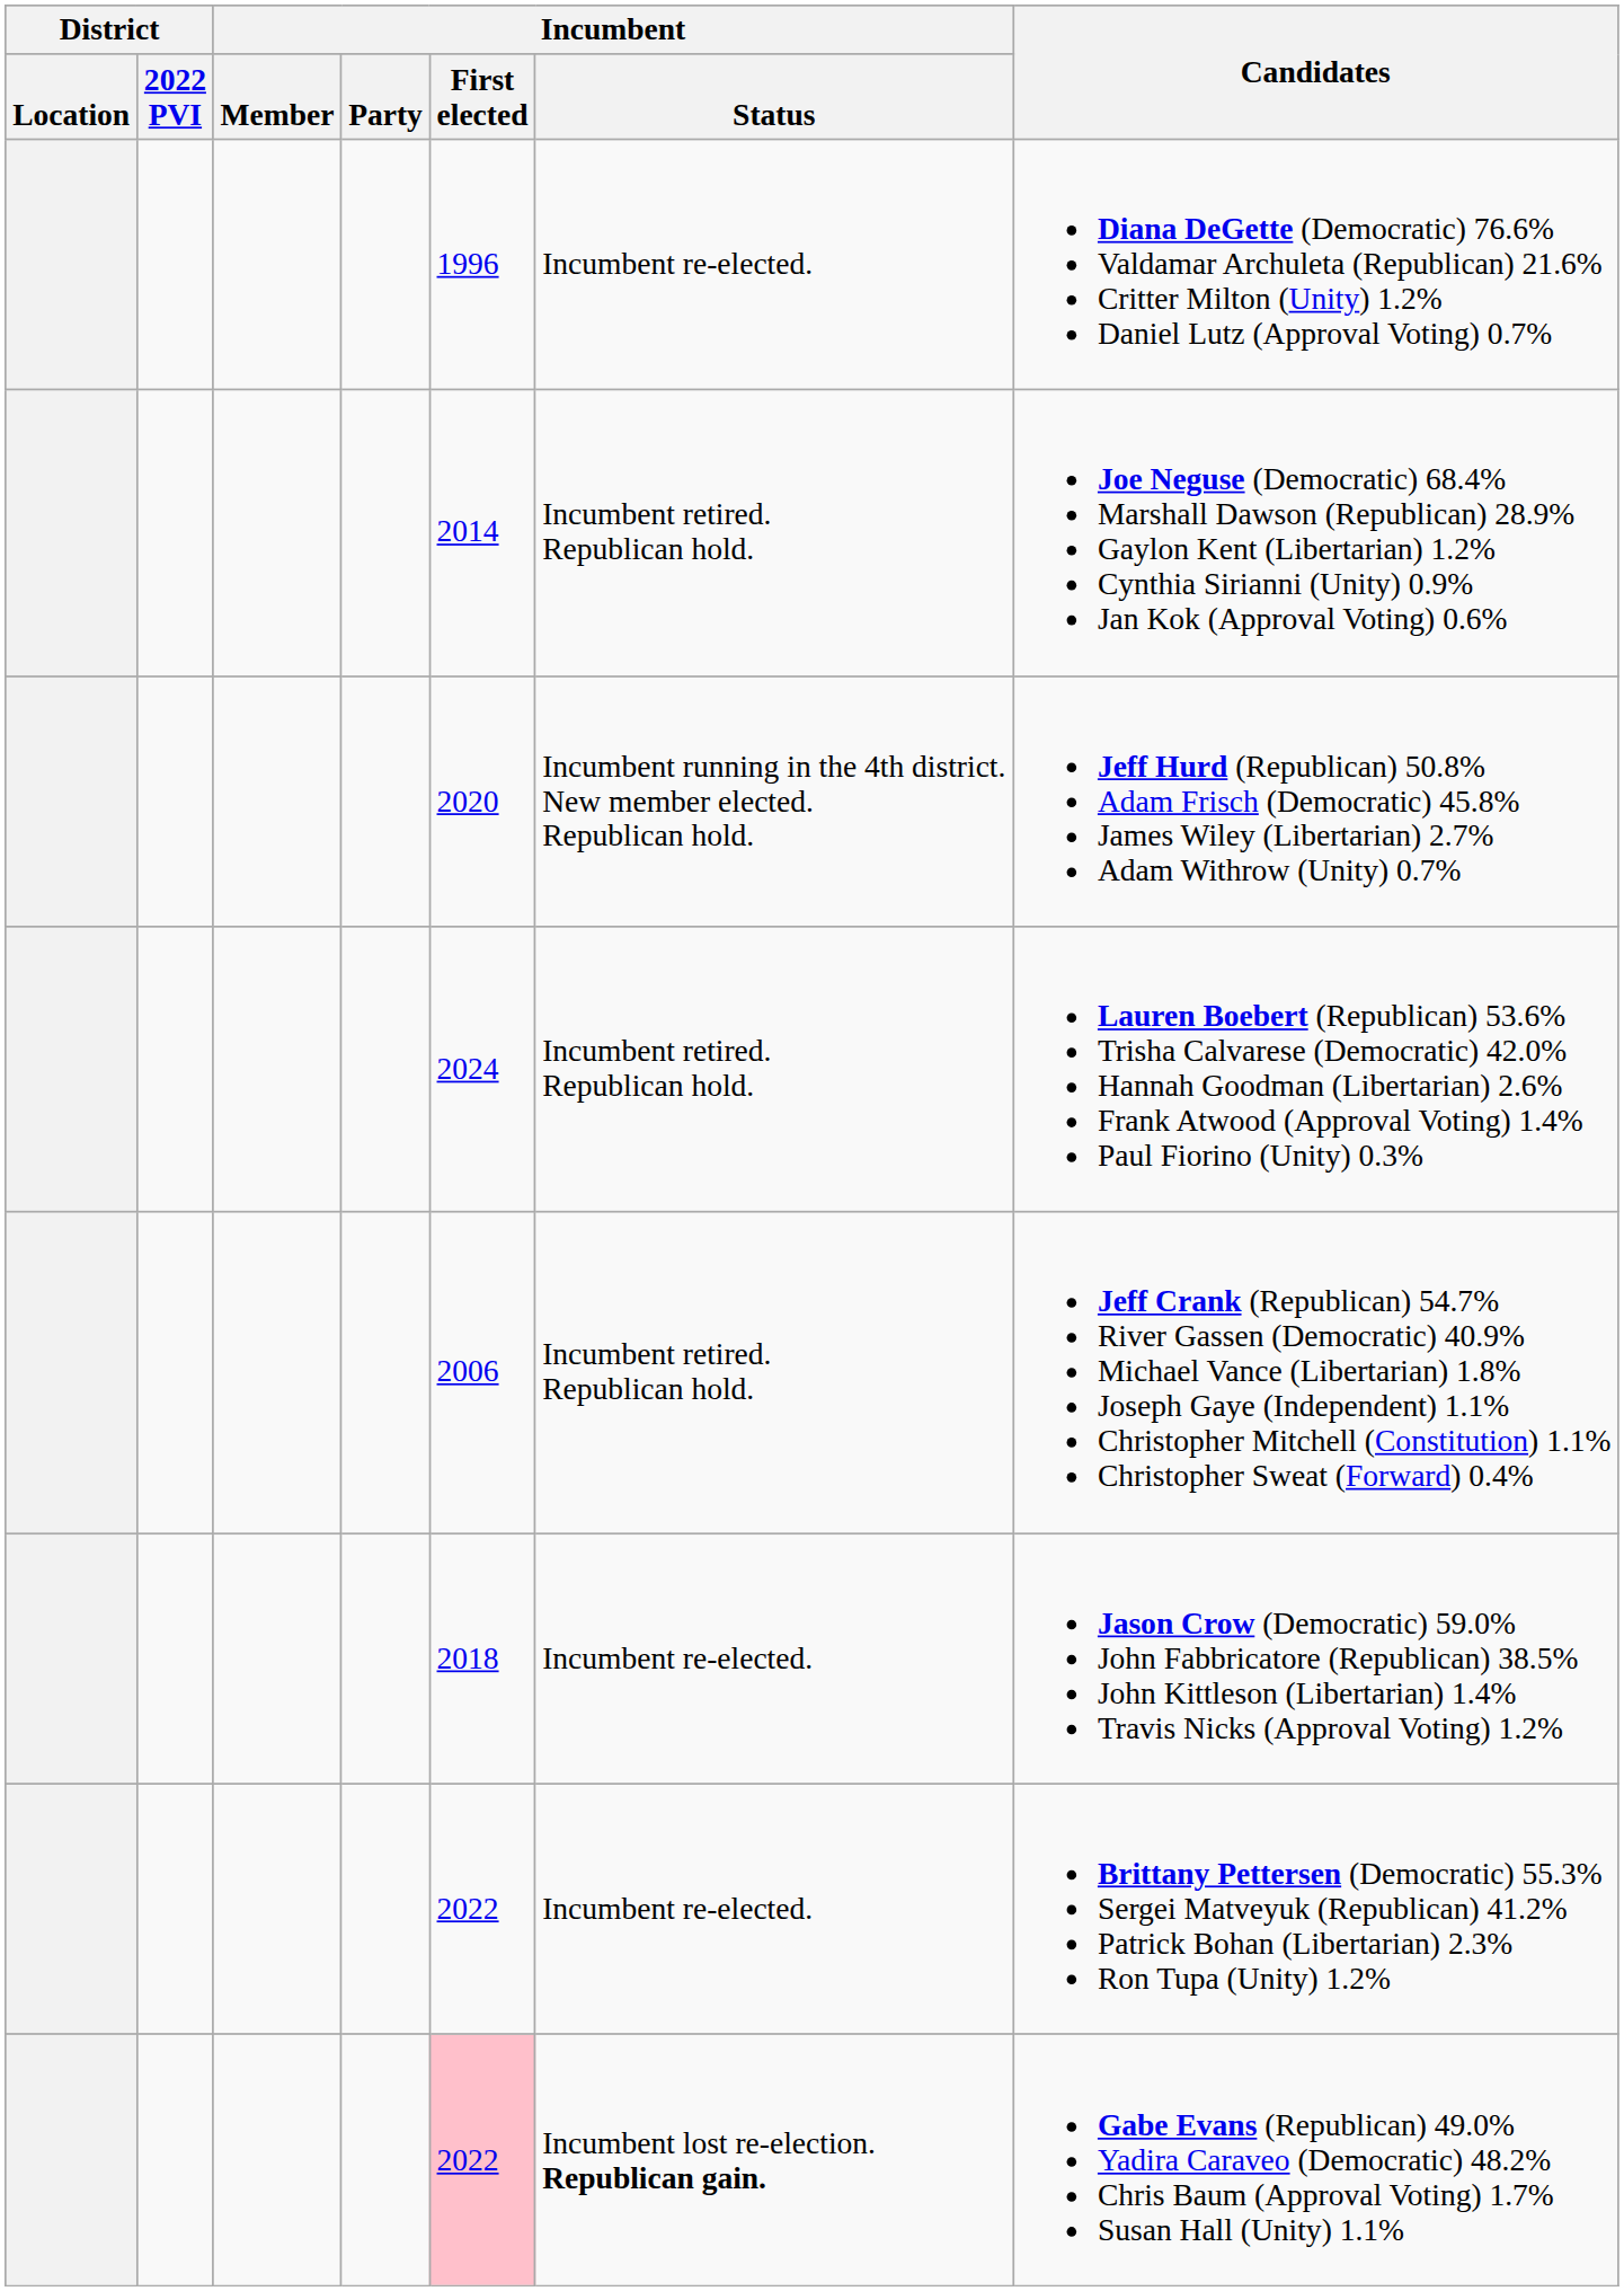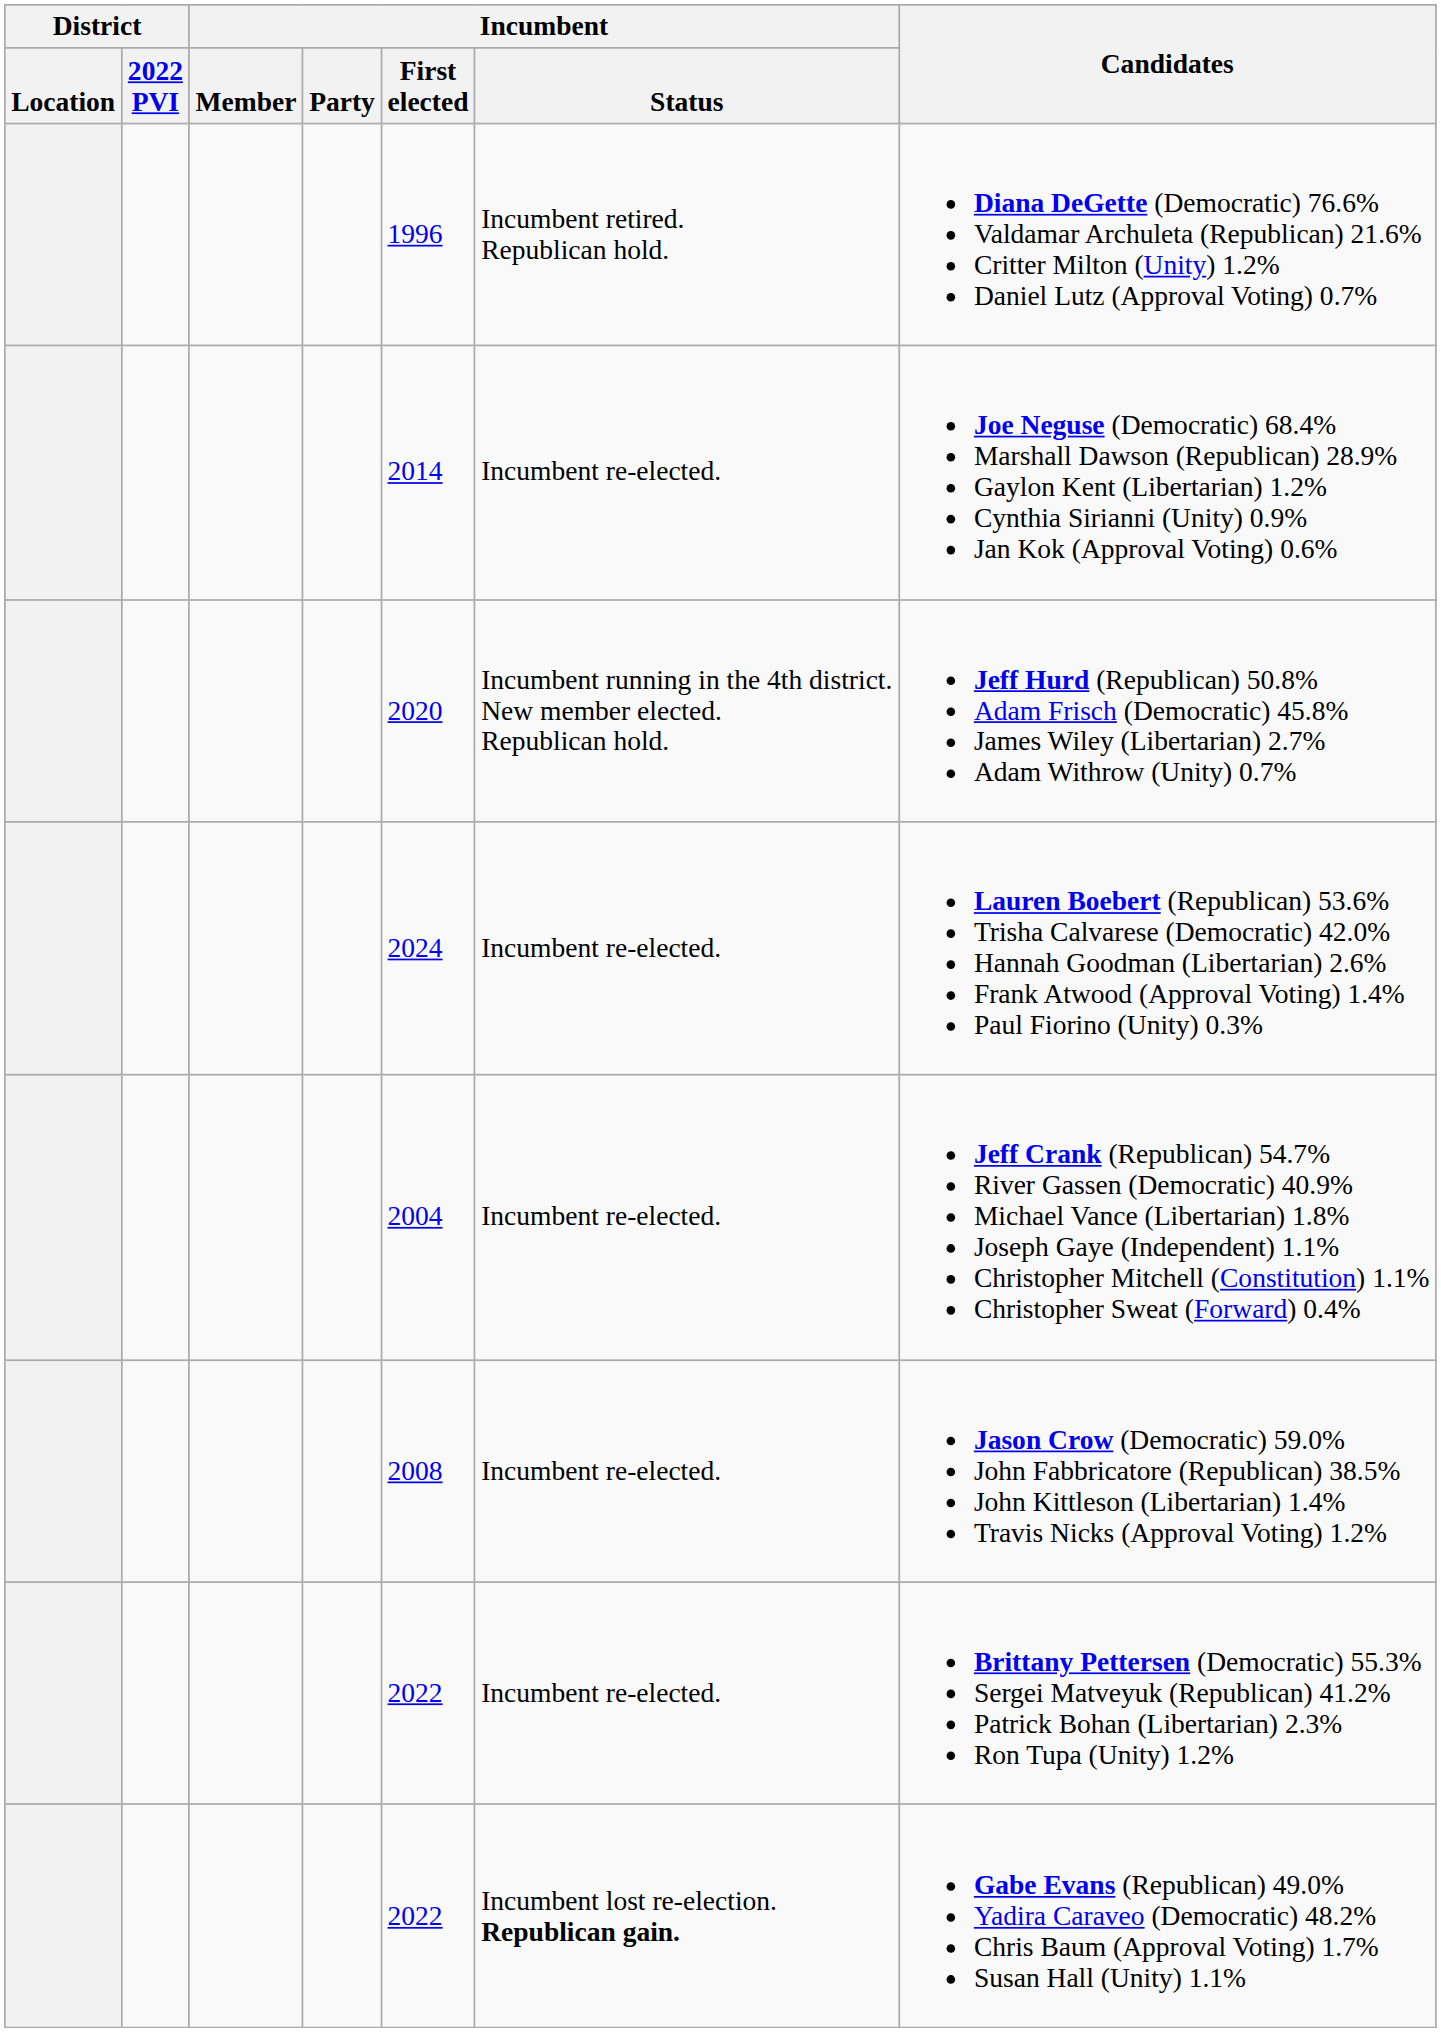 <table class="wikitable sortable">
 <tr>
 <th colspan=2>District</th>
 <th colspan=4>Incumbent</th>
 <th rowspan=2 class="unsortable">Candidates</th>
 </tr>
 <tr valign=bottom>
 <th>Location</th>
 <th><a href='#'>2022<br>PVI</a></th>
 <th>Member</th>
 <th>Party</th>
 <th>First<br>elected</th>
 <th>Status</th>
 </tr>
 <tr>
 <th></th>
 <td></td>
 <td></td>
 <td></td>
 <td><a href='#'>1996</a></td>
-<td>Incumbent re-elected.</td>
+<td>Incumbent retired.<br>Republican hold.</td>
 <td nowrap><br><ul><li> <strong><a href='#'>Diana DeGette</a></strong> (Democratic) 76.6%</li><li>Valdamar Archuleta (Republican) 21.6%</li><li>Critter Milton (<a href='#'>Unity</a>) 1.2%</li><li>Daniel Lutz (Approval Voting) 0.7%</li></ul></td>
 </tr>
 <tr>
 <th></th>
 <td></td>
 <td></td>
 <td></td>
 <td><a href='#'>2014</a></td>
-<td>Incumbent retired.<br>Republican hold.</td>
+<td>Incumbent re-elected.</td>
 <td nowrap><br><ul><li> <strong><a href='#'>Joe Neguse</a></strong> (Democratic) 68.4%</li><li>Marshall Dawson (Republican) 28.9%</li><li>Gaylon Kent (Libertarian) 1.2%</li><li>Cynthia Sirianni (Unity) 0.9%</li><li>Jan Kok (Approval Voting) 0.6%</li></ul></td>
 </tr>
 <tr>
 <th></th>
 <td></td>
 <td></td>
 <td></td>
 <td><a href='#'>2020</a></td>
 <td>Incumbent running in the 4th district.<br>New member elected.<br>Republican hold.</td>
 <td nowrap><br><ul><li> <strong><a href='#'>Jeff Hurd</a></strong> (Republican) 50.8%</li><li><a href='#'>Adam Frisch</a> (Democratic) 45.8%</li><li>James Wiley (Libertarian) 2.7%</li><li>Adam Withrow (Unity) 0.7%</li></ul></td>
 </tr>
 <tr>
 <th></th>
 <td></td>
 <td></td>
 <td></td>
 <td><a href='#'>2024 </a></td>
-<td>Incumbent retired.<br>Republican hold.</td>
+<td>Incumbent re-elected.</td>
 <td nowrap><br><ul><li> <strong><a href='#'>Lauren Boebert</a></strong> (Republican) 53.6%</li><li>Trisha Calvarese (Democratic) 42.0%</li><li>Hannah Goodman (Libertarian) 2.6%</li><li>Frank Atwood (Approval Voting) 1.4%</li><li>Paul Fiorino (Unity) 0.3%</li></ul></td>
 </tr>
 <tr>
 <th></th>
 <td></td>
 <td></td>
 <td></td>
-<td><a href='#'>2006</a></td>
-<td>Incumbent retired.<br>Republican hold.</td>
+<td><a href='#'>2004</a></td>
+<td>Incumbent re-elected.</td>
 <td nowrap><br><ul><li> <strong><a href='#'>Jeff Crank</a></strong> (Republican) 54.7%</li><li>River Gassen (Democratic) 40.9%</li><li>Michael Vance (Libertarian) 1.8%</li><li>Joseph Gaye (Independent) 1.1%</li><li>Christopher Mitchell (<a href='#'>Constitution</a>) 1.1%</li><li>Christopher Sweat (<a href='#'>Forward</a>) 0.4%</li></ul></td>
 </tr>
 <tr>
 <th></th>
 <td></td>
 <td></td>
 <td></td>
-<td><a href='#'>2018</a></td>
+<td><a href='#'>2008</a></td>
 <td>Incumbent re-elected.</td>
 <td nowrap><br><ul><li> <strong><a href='#'>Jason Crow</a></strong> (Democratic) 59.0%</li><li>John Fabbricatore (Republican) 38.5%</li><li>John Kittleson (Libertarian) 1.4%</li><li>Travis Nicks (Approval Voting) 1.2%</li></ul></td>
 </tr>
 <tr>
 <th></th>
 <td></td>
 <td></td>
 <td></td>
 <td><a href='#'>2022</a></td>
 <td>Incumbent re-elected.</td>
 <td nowrap><br><ul><li> <strong><a href='#'>Brittany Pettersen</a></strong> (Democratic) 55.3%</li><li>Sergei Matveyuk (Republican) 41.2%</li><li>Patrick Bohan (Libertarian) 2.3%</li><li>Ron Tupa (Unity) 1.2%</li></ul></td>
 </tr>
 <tr>
 <th></th>
 <td></td>
 <td></td>
 <td></td>
-<td style="background: pink;"><a href='#'>2022</a></td>
+<td><a href='#'>2022</a></td>
 <td>Incumbent lost re-election.<br><strong>Republican gain.</strong></td>
 <td nowrap><br><ul><li> <strong><a href='#'>Gabe Evans</a></strong> (Republican) 49.0%</li><li><a href='#'>Yadira Caraveo</a> (Democratic) 48.2%</li><li>Chris Baum (Approval Voting) 1.7%</li><li>Susan Hall (Unity) 1.1%</li></ul></td>
 </tr>
 </table>
